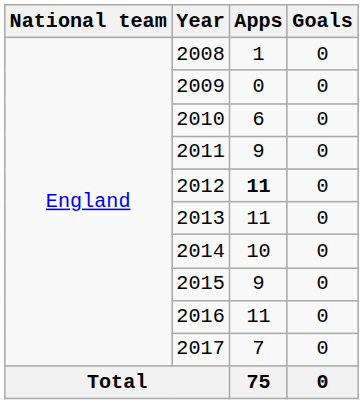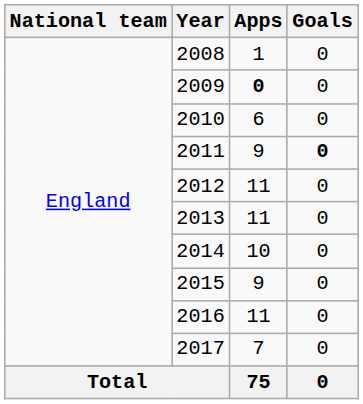 <table class=wikitable style=text-align:center>
 <tr>
 <th>National team</th>
 <th>Year</th>
 <th>Apps</th>
 <th>Goals</th>
 </tr>
 <tr>
 <td rowspan="10"><a href='#'>England</a></td>
 <td>2008</td>
 <td>1</td>
 <td>0</td>
 </tr>
 <tr>
 <td>2009</td>
-<td>0</td>
+<td><strong>0</strong></td>
 <td>0</td>
 </tr>
 <tr>
 <td>2010</td>
 <td>6</td>
 <td>0</td>
 </tr>
 <tr>
 <td>2011</td>
 <td>9</td>
-<td>0</td>
+<td><strong>0</strong></td>
 </tr>
 <tr>
 <td>2012</td>
-<td><strong>11</strong></td>
+<td>11</td>
 <td>0</td>
 </tr>
 <tr>
 <td>2013</td>
 <td>11</td>
 <td>0</td>
 </tr>
 <tr>
 <td>2014</td>
 <td>10</td>
 <td>0</td>
 </tr>
 <tr>
 <td>2015</td>
 <td>9</td>
 <td>0</td>
 </tr>
 <tr>
 <td>2016</td>
 <td>11</td>
 <td>0</td>
 </tr>
 <tr>
 <td>2017</td>
 <td>7</td>
 <td>0</td>
 </tr>
 <tr>
 <th colspan=2>Total</th>
 <th>75</th>
 <th>0</th>
 </tr>
 </table>
